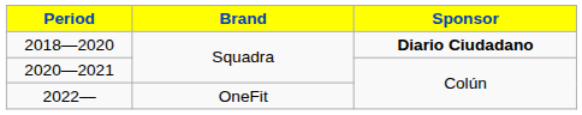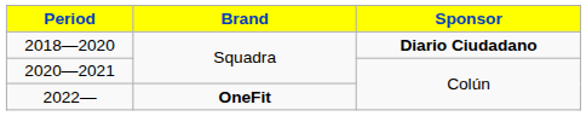 <table class="wikitable center" style="width:500px; border-collapse:collapse; font-size:90%; text-align:center; white-space: nowrap; margin:auto;">
 <tr>
 <th style="background:#FFFF00; color:#0040BF; min-width:04em;" scope="col">Period</th>
 <th style="background:#FFFF00; color:#0040BF; min-width:10em;" scope="col">Brand</th>
 <th style="background:#FFFF00; color:#0040BF; min-width:10em;" scope="col">Sponsor</th>
 </tr>
 <tr>
 <td>2018—2020</td>
 <td rowspan=2>Squadra</td>
 <td><strong>Diario Ciudadano</strong></td>
 </tr>
 <tr>
 <td>2020—2021</td>
 <td rowspan=2>Colún</td>
 </tr>
 <tr>
 <td>2022—</td>
-<td>OneFit</td>
+<td><strong>OneFit</strong></td>
 </tr>
 </table>
